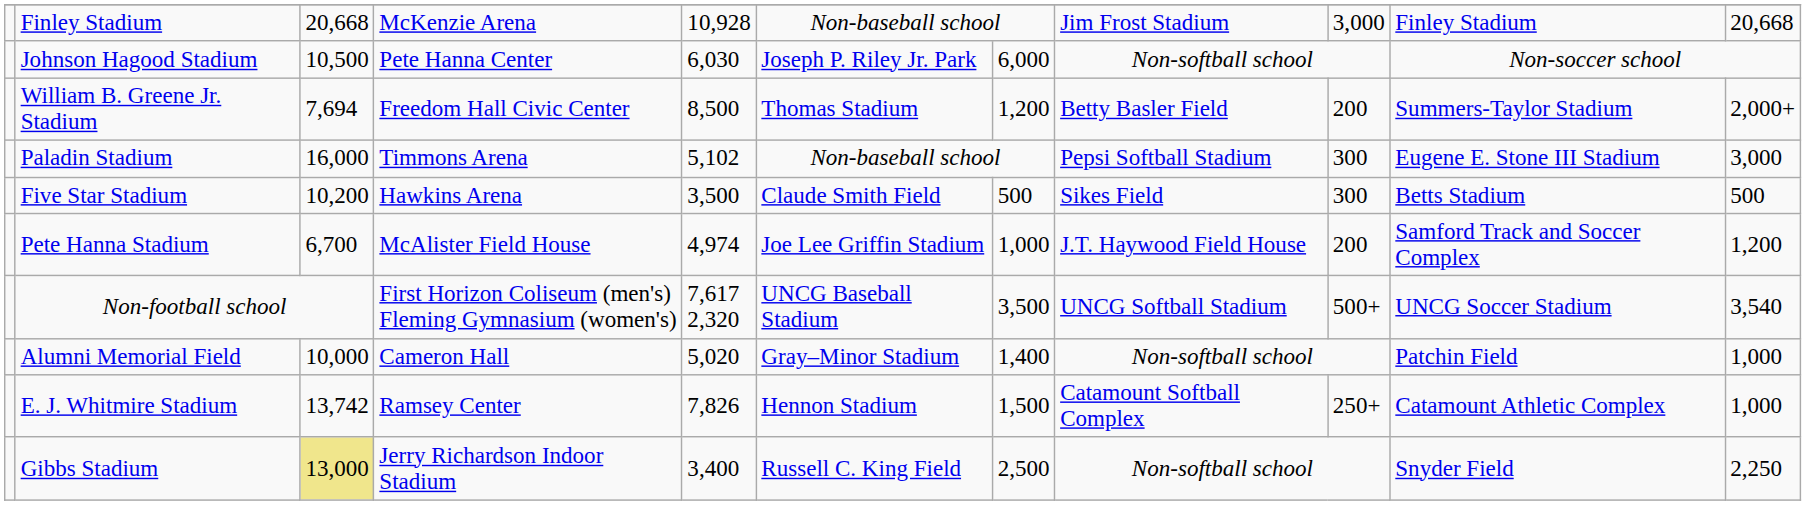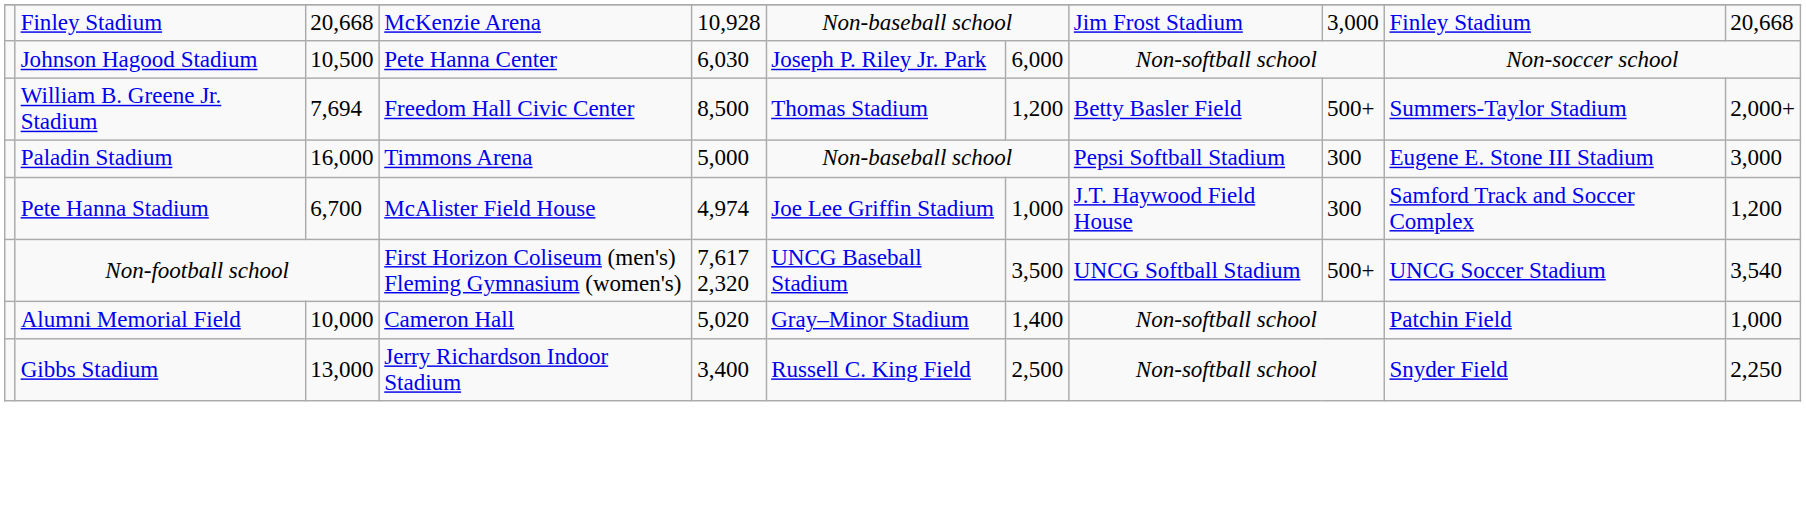 <table class="wikitable">
 <tr>
 </tr>
 <tr>
 <td style="text-align:center; "><a href='#'></a></td>
 <td><a href='#'>Finley Stadium</a></td>
 <td>20,668</td>
 <td><a href='#'>McKenzie Arena</a></td>
 <td>10,928</td>
 <td colspan="2" style="text-align:center;"><em>Non-baseball school</em></td>
 <td><a href='#'>Jim Frost Stadium</a></td>
 <td>3,000</td>
 <td><a href='#'>Finley Stadium</a></td>
 <td>20,668</td>
 </tr>
 <tr>
 <td style="text-align:center; "><a href='#'></a></td>
 <td><a href='#'>Johnson Hagood Stadium</a></td>
 <td>10,500</td>
 <td><a href='#'>Pete Hanna Center</a></td>
 <td>6,030</td>
 <td><a href='#'>Joseph P. Riley Jr. Park</a></td>
 <td>6,000</td>
 <td colspan="2" style="text-align:center;"><em>Non-softball school</em></td>
 <td colspan="2" style="text-align:center;"><em>Non-soccer school</em></td>
 </tr>
 <tr>
 <td style="text-align:center; "><a href='#'></a></td>
 <td><a href='#'>William B. Greene Jr. Stadium</a></td>
 <td>7,694</td>
 <td><a href='#'>Freedom Hall Civic Center</a></td>
 <td>8,500</td>
 <td><a href='#'>Thomas Stadium</a></td>
 <td>1,200</td>
 <td><a href='#'>Betty Basler Field</a></td>
-<td>200</td>
+<td>500+</td>
 <td><a href='#'>Summers-Taylor Stadium</a></td>
 <td>2,000+</td>
 </tr>
 <tr>
 <td style="text-align:center; "><a href='#'></a></td>
 <td><a href='#'>Paladin Stadium</a></td>
 <td>16,000</td>
 <td><a href='#'>Timmons Arena</a></td>
-<td>5,102</td>
+<td>5,000</td>
 <td colspan="2" style="text-align:center;"><em>Non-baseball school</em></td>
 <td><a href='#'>Pepsi Softball Stadium</a></td>
 <td>300</td>
 <td><a href='#'>Eugene E. Stone III Stadium</a></td>
 <td>3,000</td>
-</tr>
-<tr>
-<td style="text-align:center; "><a href='#'></a></td>
-<td><a href='#'>Five Star Stadium</a></td>
-<td>10,200</td>
-<td><a href='#'>Hawkins Arena</a></td>
-<td>3,500</td>
-<td><a href='#'>Claude Smith Field</a></td>
-<td>500</td>
-<td><a href='#'>Sikes Field</a></td>
-<td>300</td>
-<td><a href='#'>Betts Stadium</a></td>
-<td>500</td>
 </tr>
 <tr>
 <td style="text-align:center; "><a href='#'></a></td>
 <td><a href='#'>Pete Hanna Stadium</a></td>
 <td>6,700</td>
 <td><a href='#'>McAlister Field House</a></td>
 <td>4,974</td>
 <td><a href='#'>Joe Lee Griffin Stadium</a></td>
 <td>1,000</td>
 <td><a href='#'>J.T. Haywood Field House</a></td>
-<td>200</td>
+<td>300</td>
 <td><a href='#'>Samford Track and Soccer Complex</a></td>
 <td>1,200</td>
 </tr>
 <tr>
 <td style="text-align:center; "><a href='#'></a></td>
 <td colspan="2" style="text-align:center;"><em>Non-football school</em></td>
 <td><a href='#'>First Horizon Coliseum</a> (men's)<br><a href='#'>Fleming Gymnasium</a> (women's)</td>
 <td>7,617<br>2,320</td>
 <td><a href='#'>UNCG Baseball Stadium</a></td>
 <td>3,500</td>
 <td><a href='#'>UNCG Softball Stadium</a></td>
 <td>500+</td>
 <td><a href='#'>UNCG Soccer Stadium</a></td>
 <td>3,540</td>
 </tr>
 <tr>
 <td style="text-align:center; "><a href='#'></a></td>
 <td><a href='#'>Alumni Memorial Field</a></td>
 <td>10,000</td>
 <td><a href='#'>Cameron Hall</a></td>
 <td>5,020</td>
 <td><a href='#'>Gray–Minor Stadium</a></td>
 <td>1,400</td>
 <td colspan="2" style="text-align:center;"><em>Non-softball school</em></td>
 <td><a href='#'>Patchin Field</a></td>
 <td>1,000</td>
 </tr>
 <tr>
 <td style="text-align:center; "><a href='#'></a></td>
-<td><a href='#'>E. J. Whitmire Stadium</a></td>
-<td>13,742</td>
-<td><a href='#'>Ramsey Center</a></td>
-<td>7,826</td>
-<td><a href='#'>Hennon Stadium</a></td>
-<td>1,500</td>
-<td><a href='#'>Catamount Softball Complex</a></td>
-<td>250+</td>
-<td><a href='#'>Catamount Athletic Complex</a></td>
-<td>1,000</td>
-</tr>
-<tr>
-<td style="text-align:center; "><a href='#'></a></td>
 <td><a href='#'>Gibbs Stadium</a></td>
-<td style="background: khaki;">13,000</td>
+<td>13,000</td>
 <td><a href='#'>Jerry Richardson Indoor Stadium</a></td>
 <td>3,400</td>
 <td><a href='#'>Russell C. King Field</a></td>
 <td>2,500</td>
 <td colspan="2" style="text-align:center;"><em>Non-softball school</em></td>
 <td><a href='#'>Snyder Field</a></td>
 <td>2,250</td>
 </tr>
 </table>
